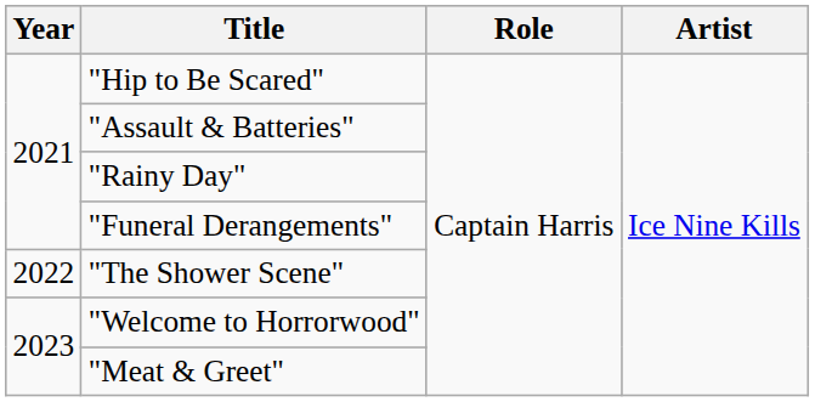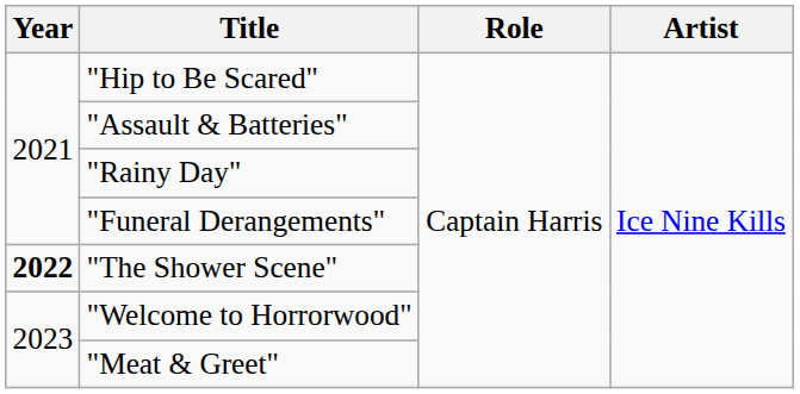 <table class="wikitable">
 <tr>
 <th>Year</th>
 <th>Title</th>
 <th>Role</th>
 <th>Artist</th>
 </tr>
 <tr>
 <td rowspan="4">2021</td>
 <td>"Hip to Be Scared"</td>
 <td rowspan="7">Captain Harris</td>
 <td rowspan="7"><a href='#'>Ice Nine Kills</a></td>
 </tr>
 <tr>
 <td>"Assault & Batteries"</td>
 </tr>
 <tr>
 <td>"Rainy Day"</td>
 </tr>
 <tr>
 <td>"Funeral Derangements"</td>
 </tr>
 <tr>
-<td>2022</td>
+<td><strong>2022</strong></td>
 <td>"The Shower Scene"</td>
 </tr>
 <tr>
 <td rowspan="2">2023</td>
 <td>"Welcome to Horrorwood"</td>
 </tr>
 <tr>
 <td>"Meat & Greet"</td>
 </tr>
 </table>
